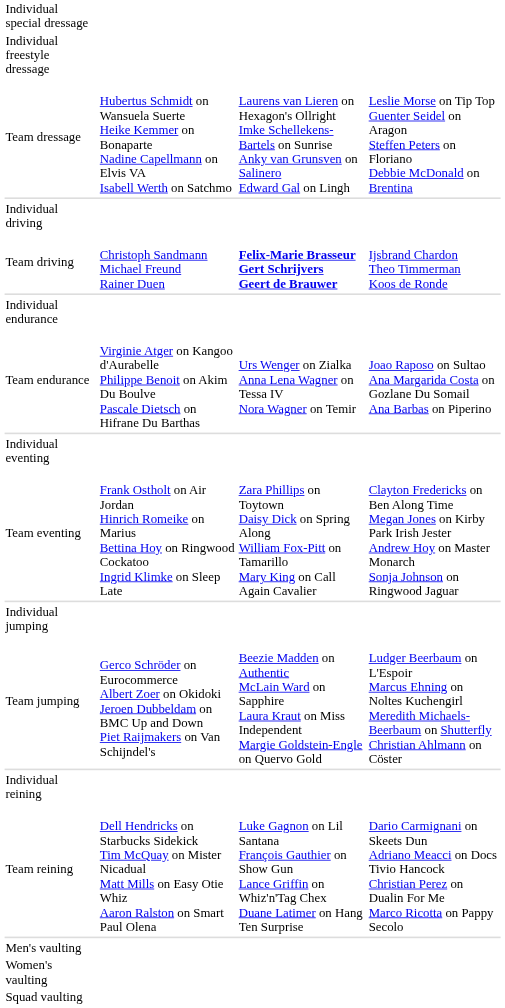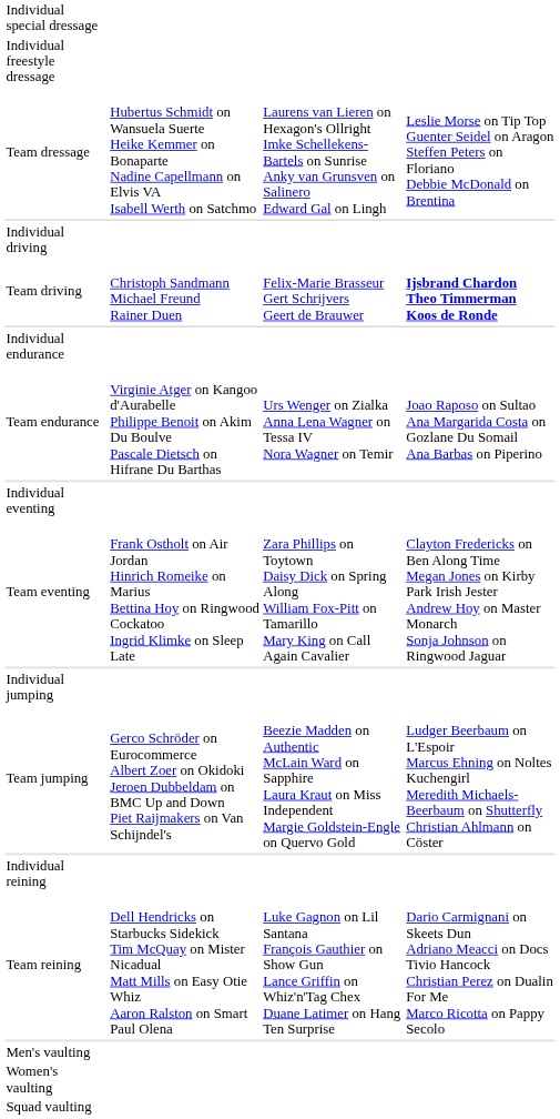 <table>
 <tr>
 <td>Individual special dressage<br></td>
 <td></td>
 <td></td>
 <td></td>
 </tr>
 <tr>
 <td>Individual freestyle dressage<br></td>
 <td></td>
 <td></td>
 <td></td>
 </tr>
 <tr>
 <td>Team dressage<br></td>
 <td><br><a href='#'>Hubertus Schmidt</a> on Wansuela Suerte<br><a href='#'>Heike Kemmer</a> on Bonaparte<br><a href='#'>Nadine Capellmann</a> on Elvis VA<br><a href='#'>Isabell Werth</a> on Satchmo</td>
 <td><br><a href='#'>Laurens van Lieren</a> on Hexagon's Ollright<br><a href='#'>Imke Schellekens-Bartels</a> on Sunrise<br><a href='#'>Anky van Grunsven</a> on <a href='#'>Salinero</a><br><a href='#'>Edward Gal</a> on Lingh</td>
 <td><br><a href='#'>Leslie Morse</a> on Tip Top<br><a href='#'>Guenter Seidel</a> on Aragon<br><a href='#'>Steffen Peters</a> on Floriano<br><a href='#'>Debbie McDonald</a> on <a href='#'>Brentina</a></td>
 </tr>
 <tr bgcolor=#DDDDDD>
 <td colspan=7></td>
 </tr>
 <tr>
 <td>Individual driving<br></td>
 <td></td>
 <td></td>
 <td></td>
 </tr>
 <tr>
 <td>Team driving<br></td>
 <td><br><a href='#'>Christoph Sandmann</a><br><a href='#'>Michael Freund</a><br><a href='#'>Rainer Duen</a></td>
-<td><strong><br><a href='#'>Felix-Marie Brasseur</a><br><a href='#'>Gert Schrijvers</a><br><a href='#'>Geert de Brauwer</a></strong></td>
-<td><br><a href='#'>Ijsbrand Chardon</a><br><a href='#'>Theo Timmerman</a><br><a href='#'>Koos de Ronde</a></td>
+<td><br><a href='#'>Felix-Marie Brasseur</a><br><a href='#'>Gert Schrijvers</a><br><a href='#'>Geert de Brauwer</a></td>
+<td><strong><br><a href='#'>Ijsbrand Chardon</a><br><a href='#'>Theo Timmerman</a><br><a href='#'>Koos de Ronde</a></strong></td>
 </tr>
 <tr bgcolor=#DDDDDD>
 <td colspan=7></td>
 </tr>
 <tr>
 <td>Individual endurance<br></td>
 <td></td>
 <td></td>
 <td></td>
 </tr>
 <tr>
 <td>Team endurance<br></td>
 <td><br><a href='#'>Virginie Atger</a> on Kangoo d'Aurabelle<br><a href='#'>Philippe Benoit</a> on Akim Du Boulve<br><a href='#'>Pascale Dietsch</a> on Hifrane Du Barthas</td>
 <td><br><a href='#'>Urs Wenger</a> on Zialka<br><a href='#'>Anna Lena Wagner</a> on Tessa IV<br><a href='#'>Nora Wagner</a> on Temir</td>
 <td><br><a href='#'>Joao Raposo</a> on Sultao<br><a href='#'>Ana Margarida Costa</a> on Gozlane Du Somail<br><a href='#'>Ana Barbas</a> on Piperino</td>
 </tr>
 <tr bgcolor=#DDDDDD>
 <td colspan=7></td>
 </tr>
 <tr>
 <td>Individual eventing<br></td>
 <td></td>
 <td></td>
 <td></td>
 </tr>
 <tr>
 <td>Team eventing<br></td>
 <td><br><a href='#'>Frank Ostholt</a> on Air Jordan<br><a href='#'>Hinrich Romeike</a> on Marius<br><a href='#'>Bettina Hoy</a> on Ringwood Cockatoo<br><a href='#'>Ingrid Klimke</a> on Sleep Late</td>
 <td><br><a href='#'>Zara Phillips</a> on Toytown<br><a href='#'>Daisy Dick</a> on Spring Along<br><a href='#'>William Fox-Pitt</a> on Tamarillo<br><a href='#'>Mary King</a> on Call Again Cavalier</td>
 <td><br><a href='#'>Clayton Fredericks</a> on Ben Along Time<br><a href='#'>Megan Jones</a> on Kirby Park Irish Jester<br><a href='#'>Andrew Hoy</a> on Master Monarch<br><a href='#'>Sonja Johnson</a> on Ringwood Jaguar</td>
 </tr>
 <tr bgcolor=#DDDDDD>
 <td colspan=7></td>
 </tr>
 <tr>
 <td>Individual jumping<br></td>
 <td></td>
 <td></td>
 <td></td>
 </tr>
 <tr>
 <td>Team jumping<br></td>
 <td><br><a href='#'>Gerco Schröder</a> on Eurocommerce<br><a href='#'>Albert Zoer</a> on Okidoki<br><a href='#'>Jeroen Dubbeldam</a> on BMC Up and Down<br><a href='#'>Piet Raijmakers</a> on Van Schijndel's</td>
 <td><br><a href='#'>Beezie Madden</a> on <a href='#'>Authentic</a><br><a href='#'>McLain Ward</a> on Sapphire<br><a href='#'>Laura Kraut</a> on Miss Independent<br><a href='#'>Margie Goldstein-Engle</a> on Quervo Gold</td>
 <td><br><a href='#'>Ludger Beerbaum</a> on L'Espoir<br><a href='#'>Marcus Ehning</a> on Noltes Kuchengirl<br><a href='#'>Meredith Michaels-Beerbaum</a> on <a href='#'>Shutterfly</a><br><a href='#'>Christian Ahlmann</a> on Cöster</td>
 </tr>
 <tr bgcolor=#DDDDDD>
 <td colspan=7></td>
 </tr>
 <tr>
 <td>Individual reining<br></td>
 <td></td>
 <td></td>
 <td></td>
 </tr>
 <tr>
 <td>Team reining<br></td>
 <td><br><a href='#'>Dell Hendricks</a> on Starbucks Sidekick<br><a href='#'>Tim McQuay</a> on Mister Nicadual<br><a href='#'>Matt Mills</a> on Easy Otie Whiz<br><a href='#'>Aaron Ralston</a> on Smart Paul Olena</td>
 <td><br><a href='#'>Luke Gagnon</a> on Lil Santana<br><a href='#'>François Gauthier</a> on Show Gun<br><a href='#'>Lance Griffin</a> on Whiz'n'Tag Chex<br><a href='#'>Duane Latimer</a> on Hang Ten Surprise</td>
 <td><br><a href='#'>Dario Carmignani</a> on Skeets Dun<br><a href='#'>Adriano Meacci</a> on Docs Tivio Hancock<br><a href='#'>Christian Perez</a> on Dualin For Me<br><a href='#'>Marco Ricotta</a> on Pappy Secolo</td>
 </tr>
 <tr bgcolor=#DDDDDD>
 <td colspan=7></td>
 </tr>
 <tr>
 <td>Men's vaulting<br></td>
 <td></td>
 <td></td>
 <td></td>
 </tr>
 <tr>
 <td>Women's vaulting<br></td>
 <td></td>
 <td></td>
 <td></td>
 </tr>
 <tr>
 <td>Squad vaulting<br></td>
 <td></td>
 <td></td>
 <td></td>
 </tr>
 </table>
